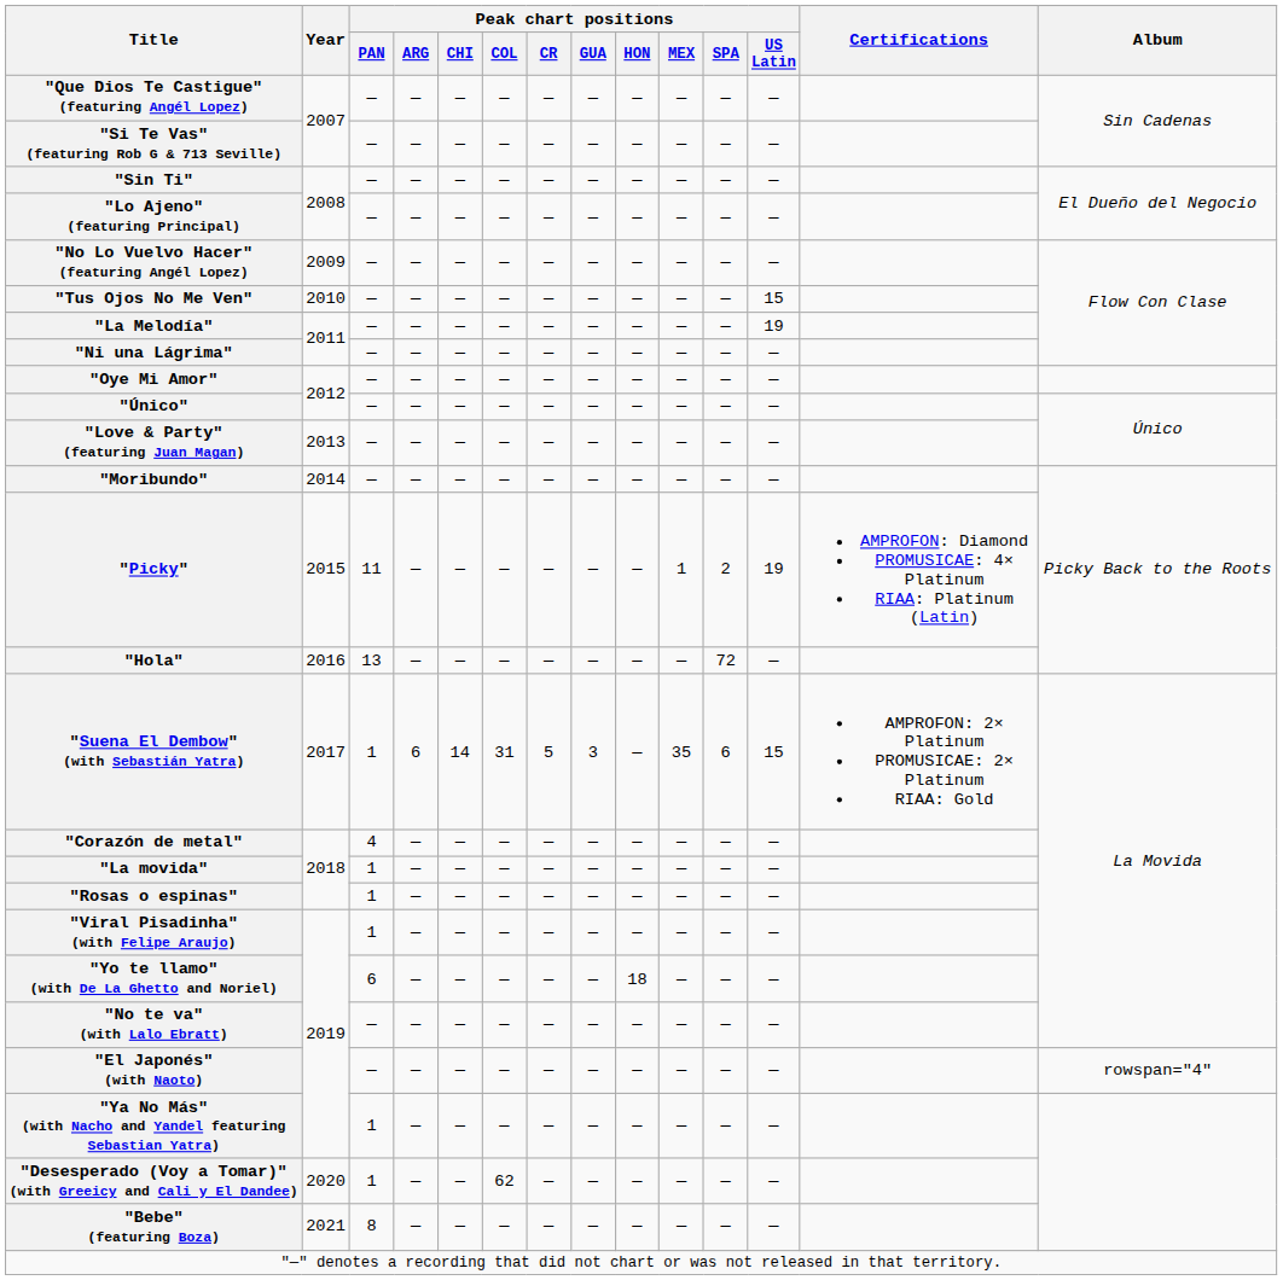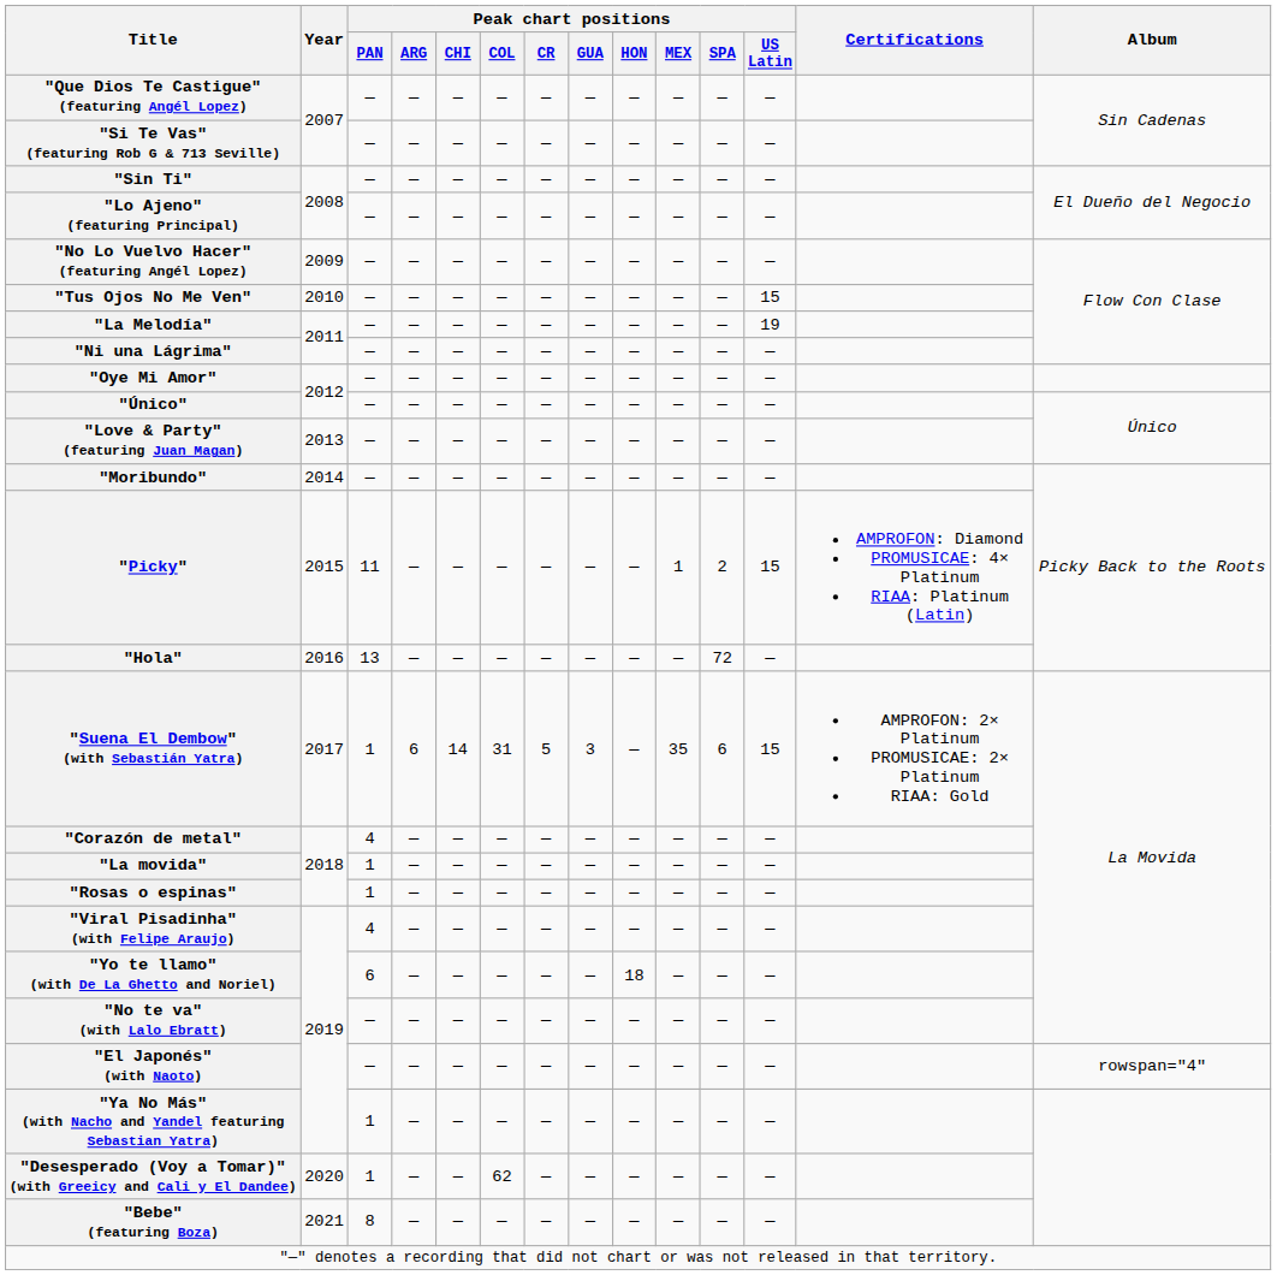 <table class="wikitable plainrowheaders" style="text-align:center;" border="1">
 <tr>
 <th scope="col" rowspan="2" style="width:17.5em;">Title</th>
 <th scope="col" rowspan="2" style="width:1em;">Year</th>
 <th scope="col" colspan="10">Peak chart positions</th>
 <th scope="col" rowspan="2" style="width:14em;"><a href='#'>Certifications</a></th>
 <th scope="col" rowspan="2" style="width:14em;">Album</th>
 </tr>
 <tr>
 <th scope="col" style="width:2.5em;font-size:90%;"><a href='#'>PAN</a><br></th>
 <th scope="col" style="width:2.5em;font-size:90%;"><a href='#'>ARG</a><br></th>
 <th scope="col" style="width:2.5em;font-size:90%;"><a href='#'>CHI</a><br></th>
 <th scope="col" style="width:2.5em;font-size:90%;"><a href='#'>COL</a><br></th>
 <th scope="col" style="width:2.5em;font-size:90%;"><a href='#'>CR</a><br></th>
 <th scope="col" style="width:2.5em;font-size:90%;"><a href='#'>GUA</a><br></th>
 <th scope="col" style="width:2.5em;font-size:90%;"><a href='#'>HON</a><br></th>
 <th scope="col" style="width:2.5em;font-size:90%;"><a href='#'>MEX</a><br></th>
 <th scope="col" style="width:2.5em;font-size:90%;"><a href='#'>SPA</a><br></th>
 <th scope="col" style="width:2.5em;font-size:90%;"><a href='#'>US <br>Latin</a><br></th>
 </tr>
 <tr>
 <th scope="row">"Que Dios Te Castigue"  <br><small>(featuring <a href='#'>Angél Lopez</a>)</small></th>
 <td rowspan=2>2007</td>
 <td>—</td>
 <td>—</td>
 <td>—</td>
 <td>—</td>
 <td>—</td>
 <td>—</td>
 <td>—</td>
 <td>—</td>
 <td>—</td>
 <td>—</td>
 <td></td>
 <td rowspan=2><em>Sin Cadenas</em></td>
 </tr>
 <tr>
 <th scope="row">"Si Te Vas" <br><small>(featuring Rob G & 713 Seville)</small></th>
 <td>—</td>
 <td>—</td>
 <td>—</td>
 <td>—</td>
 <td>—</td>
 <td>—</td>
 <td>—</td>
 <td>—</td>
 <td>—</td>
 <td>—</td>
 <td></td>
 </tr>
 <tr>
 <th scope="row">"Sin Ti"</th>
 <td rowspan=2>2008</td>
 <td>—</td>
 <td>—</td>
 <td>—</td>
 <td>—</td>
 <td>—</td>
 <td>—</td>
 <td>—</td>
 <td>—</td>
 <td>—</td>
 <td>—</td>
 <td></td>
 <td rowspan=2><em>El Dueño del Negocio</em></td>
 </tr>
 <tr>
 <th scope="row">"Lo Ajeno" <br><small>(featuring Principal)</small></th>
 <td>—</td>
 <td>—</td>
 <td>—</td>
 <td>—</td>
 <td>—</td>
 <td>—</td>
 <td>—</td>
 <td>—</td>
 <td>—</td>
 <td>—</td>
 <td></td>
 </tr>
 <tr>
 <th scope="row">"No Lo Vuelvo Hacer" <br><small>(featuring Angél Lopez)</small></th>
 <td>2009</td>
 <td>—</td>
 <td>—</td>
 <td>—</td>
 <td>—</td>
 <td>—</td>
 <td>—</td>
 <td>—</td>
 <td>—</td>
 <td>—</td>
 <td>—</td>
 <td></td>
 <td rowspan="4"><em>Flow Con Clase</em></td>
 </tr>
 <tr>
 <th scope="row">"Tus Ojos No Me Ven"</th>
 <td>2010</td>
 <td>—</td>
 <td>—</td>
 <td>—</td>
 <td>—</td>
 <td>—</td>
 <td>—</td>
 <td>—</td>
 <td>—</td>
 <td>—</td>
 <td>15</td>
 <td></td>
 </tr>
 <tr>
 <th scope="row">"La Melodía"</th>
 <td rowspan=2>2011</td>
 <td>—</td>
 <td>—</td>
 <td>—</td>
 <td>—</td>
 <td>—</td>
 <td>—</td>
 <td>—</td>
 <td>—</td>
 <td>—</td>
 <td>19</td>
 <td></td>
 </tr>
 <tr>
 <th scope="row">"Ni una Lágrima"</th>
 <td>—</td>
 <td>—</td>
 <td>—</td>
 <td>—</td>
 <td>—</td>
 <td>—</td>
 <td>—</td>
 <td>—</td>
 <td>—</td>
 <td>—</td>
 </tr>
 <tr>
 <th scope="row">"Oye Mi Amor"</th>
 <td rowspan=2>2012</td>
 <td>—</td>
 <td>—</td>
 <td>—</td>
 <td>—</td>
 <td>—</td>
 <td>—</td>
 <td>—</td>
 <td>—</td>
 <td>—</td>
 <td>—</td>
 <td></td>
 <td></td>
 </tr>
 <tr>
 <th scope="row">"Único"</th>
 <td>—</td>
 <td>—</td>
 <td>—</td>
 <td>—</td>
 <td>—</td>
 <td>—</td>
 <td>—</td>
 <td>—</td>
 <td>—</td>
 <td>—</td>
 <td></td>
 <td rowspan="2"><em>Único</em></td>
 </tr>
 <tr>
 <th scope="row">"Love & Party" <br><small>(featuring <a href='#'>Juan Magan</a>)</small></th>
 <td>2013</td>
 <td>—</td>
 <td>—</td>
 <td>—</td>
 <td>—</td>
 <td>—</td>
 <td>—</td>
 <td>—</td>
 <td>—</td>
 <td>—</td>
 <td>—</td>
 <td></td>
 </tr>
 <tr>
 <th scope="row">"Moribundo"</th>
 <td>2014</td>
 <td>—</td>
 <td>—</td>
 <td>—</td>
 <td>—</td>
 <td>—</td>
 <td>—</td>
 <td>—</td>
 <td>—</td>
 <td>—</td>
 <td>—</td>
 <td></td>
 <td rowspan="3"><em>Picky Back to the Roots</em></td>
 </tr>
 <tr>
 <th scope="row">"<a href='#'>Picky</a>"</th>
 <td>2015</td>
 <td>11</td>
 <td>—</td>
 <td>—</td>
 <td>—</td>
 <td>—</td>
 <td>—</td>
 <td>—</td>
 <td>1</td>
 <td>2</td>
-<td>19</td>
+<td>15</td>
 <td><br><ul><li><a href='#'>AMPROFON</a>: Diamond</li><li><a href='#'>PROMUSICAE</a>: 4× Platinum</li><li><a href='#'>RIAA</a>: Platinum (<a href='#'>Latin</a>)</li></ul></td>
 </tr>
 <tr>
 <th scope="row">"Hola"</th>
 <td>2016</td>
 <td>13</td>
 <td>—</td>
 <td>—</td>
 <td>—</td>
 <td>—</td>
 <td>—</td>
 <td>—</td>
 <td>—</td>
 <td>72</td>
 <td>—</td>
 <td></td>
 </tr>
 <tr>
 <th scope="row">"<a href='#'>Suena El Dembow</a>" <br><small>(with <a href='#'>Sebastián Yatra</a>)</small></th>
 <td>2017</td>
 <td>1</td>
 <td>6</td>
 <td>14</td>
 <td>31</td>
 <td>5</td>
 <td>3</td>
 <td>—</td>
 <td>35</td>
 <td>6</td>
 <td>15</td>
 <td><br><ul><li>AMPROFON: 2× Platinum</li><li>PROMUSICAE: 2× Platinum</li><li>RIAA: Gold </li></ul></td>
 <td rowspan="7"><em>La Movida</em></td>
 </tr>
 <tr>
 <th scope="row">"Corazón de metal"</th>
 <td rowspan=3>2018</td>
 <td>4</td>
 <td>—</td>
 <td>—</td>
 <td>—</td>
 <td>—</td>
 <td>—</td>
 <td>—</td>
 <td>—</td>
 <td>—</td>
 <td>—</td>
 <td></td>
 </tr>
 <tr>
 <th scope="row">"La movida"</th>
 <td>1</td>
 <td>—</td>
 <td>—</td>
 <td>—</td>
 <td>—</td>
 <td>—</td>
 <td>—</td>
 <td>—</td>
 <td>—</td>
 <td>—</td>
 <td></td>
 </tr>
 <tr>
 <th scope="row">"Rosas o espinas"</th>
 <td>1</td>
 <td>—</td>
 <td>—</td>
 <td>—</td>
 <td>—</td>
 <td>—</td>
 <td>—</td>
 <td>—</td>
 <td>—</td>
 <td>—</td>
 <td></td>
 </tr>
 <tr>
 <th scope="row">"Viral Pisadinha" <br><small>(with <a href='#'>Felipe Araujo</a>)</small></th>
 <td rowspan=5>2019</td>
-<td>1</td>
+<td>4</td>
 <td>—</td>
 <td>—</td>
 <td>—</td>
 <td>—</td>
 <td>—</td>
 <td>—</td>
 <td>—</td>
 <td>—</td>
 <td>—</td>
 <td></td>
 </tr>
 <tr>
 <th scope="row">"Yo te llamo" <br><small>(with <a href='#'>De La Ghetto</a> and Noriel)</small></th>
 <td>6</td>
 <td>—</td>
 <td>—</td>
 <td>—</td>
 <td>—</td>
 <td>—</td>
 <td>18</td>
 <td>—</td>
 <td>—</td>
 <td>—</td>
 <td></td>
 </tr>
 <tr>
 <th scope="row">"No te va" <br><small>(with <a href='#'>Lalo Ebratt</a>)</small></th>
 <td>—</td>
 <td>—</td>
 <td>—</td>
 <td>—</td>
 <td>—</td>
 <td>—</td>
 <td>—</td>
 <td>—</td>
 <td>—</td>
 <td>—</td>
 <td></td>
 </tr>
 <tr>
 <th scope="row">"El Japonés" <br><small>(with <a href='#'>Naoto</a>)</small></th>
 <td>—</td>
 <td>—</td>
 <td>—</td>
 <td>—</td>
 <td>—</td>
 <td>—</td>
 <td>—</td>
 <td>—</td>
 <td>—</td>
 <td>—</td>
 <td></td>
 <td>rowspan="4" </td>
 </tr>
 <tr>
 <th scope="row">"Ya No Más" <br><small>(with <a href='#'>Nacho</a> and <a href='#'>Yandel</a> featuring <a href='#'>Sebastian Yatra</a>)</small></th>
 <td>1</td>
 <td>—</td>
 <td>—</td>
 <td>—</td>
 <td>—</td>
 <td>—</td>
 <td>—</td>
 <td>—</td>
 <td>—</td>
 <td>—</td>
 <td></td>
 </tr>
 <tr>
 <th scope="row">"Desesperado (Voy a Tomar)" <br><small>(with <a href='#'>Greeicy</a> and <a href='#'>Cali y El Dandee</a>)</small></th>
 <td>2020</td>
 <td>1</td>
 <td>—</td>
 <td>—</td>
 <td>62</td>
 <td>—</td>
 <td>—</td>
 <td>—</td>
 <td>—</td>
 <td>—</td>
 <td>—</td>
 <td></td>
 </tr>
 <tr>
 <th scope="row">"Bebe" <br><small>(featuring <a href='#'>Boza</a>)</small></th>
 <td>2021</td>
 <td>8</td>
 <td>—</td>
 <td>—</td>
 <td>—</td>
 <td>—</td>
 <td>—</td>
 <td>—</td>
 <td>—</td>
 <td>—</td>
 <td>—</td>
 <td></td>
 </tr>
 <tr>
 <td colspan="14" style="font-size:90%">"—" denotes a recording that did not chart or was not released in that territory.</td>
 </tr>
 </table>
